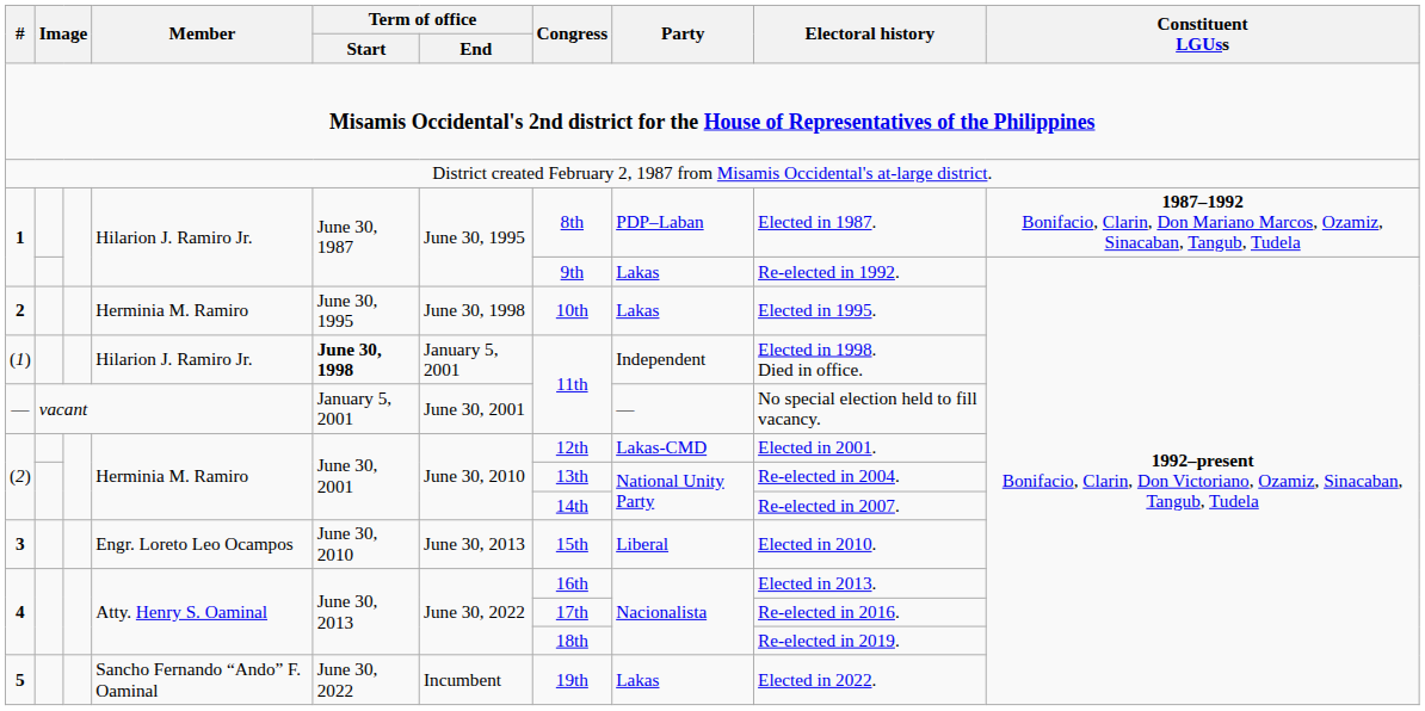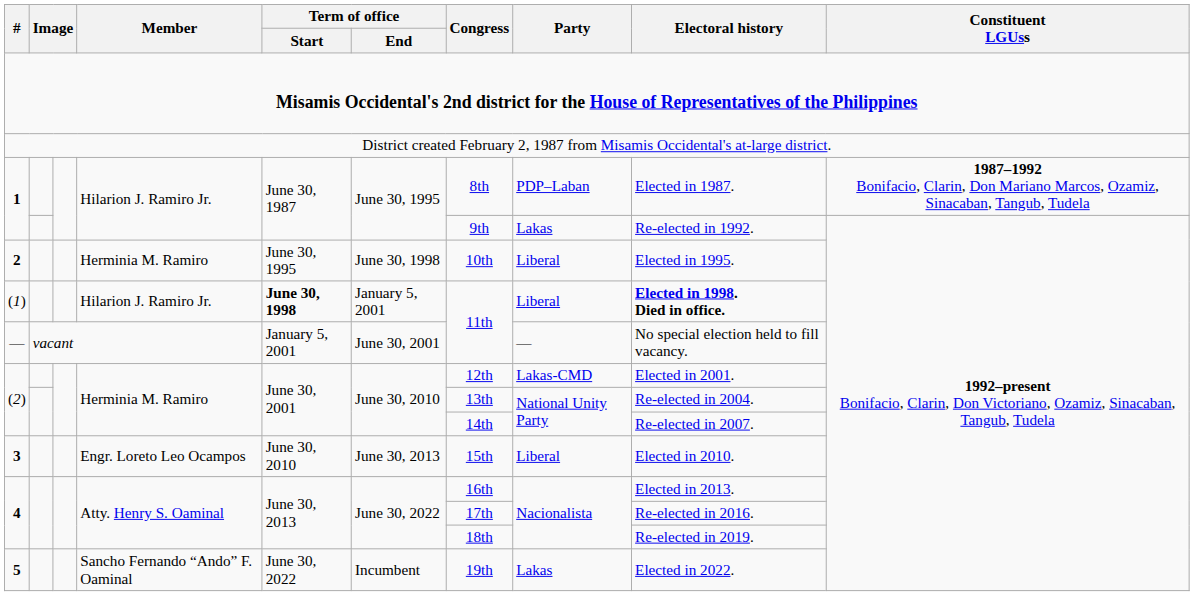 <table class=wikitable>
 <tr>
 <th rowspan="2">#</th>
 <th rowspan="2" colspan=2>Image</th>
 <th rowspan="2">Member</th>
 <th colspan=2>Term of office</th>
 <th rowspan="2">Congress</th>
 <th rowspan="2">Party</th>
 <th rowspan="2">Electoral history</th>
 <th rowspan="2">Constituent<br><a href='#'>LGUs</a>s</th>
 </tr>
 <tr>
 <th>Start</th>
 <th>End</th>
 </tr>
 <tr>
 <td colspan="10" style="text-align:center;"><br><h3>Misamis Occidental's 2nd district for the <a href='#'>House of Representatives of the Philippines</a></h3></td>
 </tr>
 <tr>
 <td colspan="10" style="text-align:center;">District created February 2, 1987 from <a href='#'>Misamis Occidental's at-large district</a>.</td>
 </tr>
 <tr>
 <td rowspan="2" style="text-align:center;"><strong>1</strong></td>
 <td style="color:inherit;background:"></td>
 <td rowspan="2"></td>
 <td rowspan="2">Hilarion J. Ramiro Jr.</td>
 <td rowspan="2">June 30, 1987</td>
 <td rowspan="2">June 30, 1995</td>
 <td style="text-align:center;"><a href='#'>8th</a></td>
 <td><a href='#'>PDP–Laban</a></td>
 <td><a href='#'>Elected in 1987</a>.</td>
 <td style="text-align:center;"><strong>1987–1992</strong><br><a href='#'>Bonifacio</a>, <a href='#'>Clarin</a>, <a href='#'>Don Mariano Marcos</a>, <a href='#'>Ozamiz</a>, <a href='#'>Sinacaban</a>, <a href='#'>Tangub</a>, <a href='#'>Tudela</a></td>
 </tr>
 <tr>
 <td style="color:inherit;background:"></td>
 <td style="text-align:center;"><a href='#'>9th</a></td>
 <td><a href='#'>Lakas</a></td>
 <td><a href='#'>Re-elected in 1992</a>.</td>
 <td rowspan="12" style="text-align:center;"><strong>1992–present</strong><br><a href='#'>Bonifacio</a>, <a href='#'>Clarin</a>, <a href='#'>Don Victoriano</a>, <a href='#'>Ozamiz</a>, <a href='#'>Sinacaban</a>, <a href='#'>Tangub</a>, <a href='#'>Tudela</a></td>
 </tr>
 <tr>
 <td style="text-align:center;"><strong>2</strong></td>
 <td style="color:inherit;background:"></td>
 <td></td>
 <td>Herminia M. Ramiro</td>
 <td>June 30, 1995</td>
 <td>June 30, 1998</td>
 <td style="text-align:center;"><a href='#'>10th</a></td>
-<td><a href='#'>Lakas</a></td>
+<td><a href='#'>Liberal</a></td>
 <td><a href='#'>Elected in 1995</a>.</td>
 </tr>
 <tr>
 <td style="text-align:center;">(<em>1</em>)</td>
 <td style="color:inherit;background:"></td>
 <td></td>
 <td>Hilarion J. Ramiro Jr.</td>
 <td><strong>June 30, 1998</strong></td>
 <td>January 5, 2001</td>
 <td rowspan="2" style="text-align:center;"><a href='#'>11th</a></td>
-<td>Independent</td>
-<td><a href='#'>Elected in 1998</a>.<br>Died in office.</td>
+<td><a href='#'>Liberal</a></td>
+<td><strong><a href='#'>Elected in 1998</a>.<br>Died in office.</strong></td>
 </tr>
 <tr>
 <td style="text-align:center;">—</td>
 <td colspan="3"><em>vacant</em></td>
 <td>January 5, 2001</td>
 <td>June 30, 2001</td>
 <td>—</td>
 <td>No special election held to fill vacancy.</td>
 </tr>
 <tr>
 <td rowspan="3" style="text-align:center;">(<em>2</em>)</td>
 <td style="color:inherit;background:"></td>
 <td rowspan="3"></td>
 <td rowspan="3">Herminia M. Ramiro</td>
 <td rowspan="3">June 30, 2001</td>
 <td rowspan="3">June 30, 2010</td>
 <td style="text-align:center;"><a href='#'>12th</a></td>
 <td><a href='#'>Lakas-CMD</a></td>
 <td><a href='#'>Elected in 2001</a>.</td>
 </tr>
 <tr>
 <td rowspan="2" style="color:inherit;background:"></td>
 <td style="text-align:center;"><a href='#'>13th</a></td>
 <td rowspan="2"><a href='#'>National Unity Party</a></td>
 <td><a href='#'>Re-elected in 2004</a>.</td>
 </tr>
 <tr>
 <td style="text-align:center;"><a href='#'>14th</a></td>
 <td><a href='#'>Re-elected in 2007</a>.</td>
 </tr>
 <tr>
 <td style="text-align:center;"><strong>3</strong></td>
 <td style="color:inherit;background:"></td>
 <td></td>
 <td>Engr. Loreto Leo Ocampos</td>
 <td>June 30, 2010</td>
 <td>June 30, 2013</td>
 <td style="text-align:center;"><a href='#'>15th</a></td>
 <td><a href='#'>Liberal</a></td>
 <td><a href='#'>Elected in 2010</a>.</td>
 </tr>
 <tr>
 <td rowspan="3" style="text-align:center;"><strong>4</strong></td>
 <td rowspan="3" style="color:inherit;background:"></td>
 <td rowspan="3"></td>
 <td rowspan="3">Atty. <a href='#'>Henry S. Oaminal</a></td>
 <td rowspan="3">June 30, 2013</td>
 <td rowspan="3">June 30, 2022</td>
 <td style="text-align:center;"><a href='#'>16th</a></td>
 <td rowspan="3"><a href='#'>Nacionalista</a></td>
 <td><a href='#'>Elected in 2013</a>.</td>
 </tr>
 <tr>
 <td style="text-align:center;"><a href='#'>17th</a></td>
 <td><a href='#'>Re-elected in 2016</a>.</td>
 </tr>
 <tr>
 <td style="text-align:center;"><a href='#'>18th</a></td>
 <td><a href='#'>Re-elected in 2019</a>.</td>
 </tr>
 <tr>
 <td style="text-align:center;"><strong>5</strong></td>
 <td style="color:inherit;background:"></td>
 <td></td>
 <td>Sancho Fernando “Ando” F. Oaminal</td>
 <td>June 30, 2022</td>
 <td>Incumbent</td>
 <td style="text-align:center;"><a href='#'>19th</a></td>
 <td><a href='#'>Lakas</a></td>
 <td><a href='#'>Elected in 2022</a>.</td>
 </tr>
 </table>
